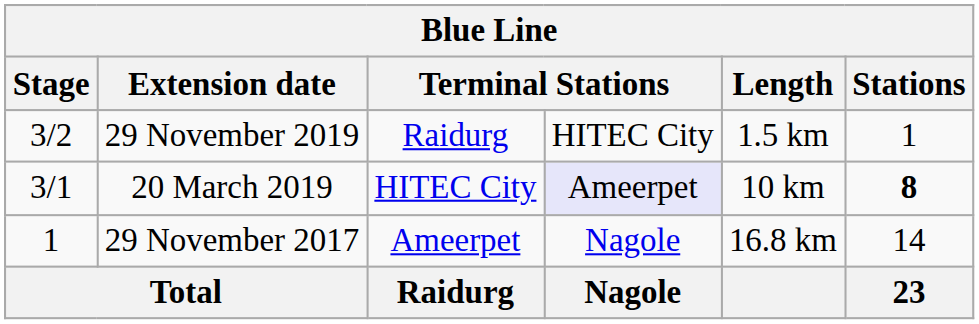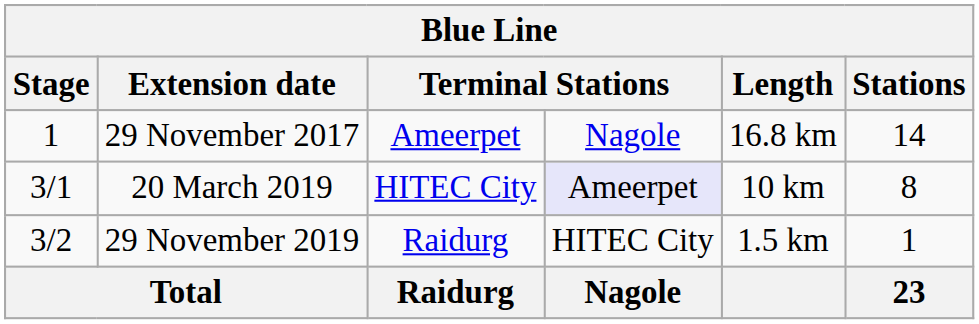 <table class="wikitable" style="text-align: center;">
 <tr>
 <th colspan="6" align="center" style="background:#"><span><strong>Blue Line</strong></span></th>
 </tr>
 <tr>
 <th>Stage</th>
 <th>Extension date</th>
 <th colspan="2">Terminal Stations</th>
 <th>Length</th>
 <th>Stations</th>
 </tr>
 <tr>
-<td>3/2</td>
-<td>29 November 2019</td>
-<td><a href='#'>Raidurg</a></td>
-<td>HITEC City</td>
-<td>1.5 km</td>
 <td>1</td>
+<td>29 November 2017</td>
+<td><a href='#'>Ameerpet</a></td>
+<td><a href='#'>Nagole</a></td>
+<td>16.8 km</td>
+<td>14</td>
 </tr>
 <tr>
 <td>3/1</td>
 <td>20 March 2019</td>
 <td><a href='#'>HITEC City</a></td>
 <td style="background: lavender;">Ameerpet</td>
 <td>10 km</td>
-<td><strong>8</strong></td>
+<td>8</td>
 </tr>
 <tr>
+<td>3/2</td>
+<td>29 November 2019</td>
+<td><a href='#'>Raidurg</a></td>
+<td>HITEC City</td>
+<td>1.5 km</td>
 <td>1</td>
-<td>29 November 2017</td>
-<td><a href='#'>Ameerpet</a></td>
-<td><a href='#'>Nagole</a></td>
-<td>16.8 km</td>
-<td>14</td>
 </tr>
 <tr>
 <th colspan=2>Total</th>
 <th>Raidurg</th>
 <th>Nagole</th>
 <th></th>
 <th>23</th>
 </tr>
 </table>
